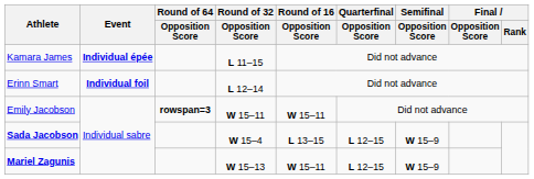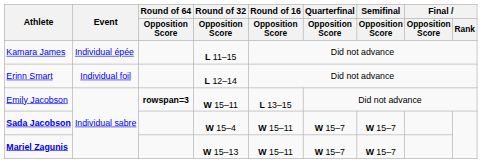 <table class=wikitable style=font-size:90%;text-align:center>
 <tr>
 <th rowspan=2>Athlete</th>
 <th rowspan=2>Event</th>
 <th>Round of 64</th>
 <th>Round of 32</th>
 <th>Round of 16</th>
 <th>Quarterfinal</th>
 <th>Semifinal</th>
 <th colspan=2>Final / </th>
 </tr>
 <tr style=font-size:95%>
 <th>Opposition <br> Score</th>
 <th>Opposition <br> Score</th>
 <th>Opposition <br> Score</th>
 <th>Opposition <br> Score</th>
 <th>Opposition <br> Score</th>
 <th>Opposition <br> Score</th>
 <th>Rank</th>
 </tr>
 <tr>
 <td align=left><a href='#'>Kamara James</a></td>
-<td align=left><strong><a href='#'>Individual épée</a></strong></td>
+<td align=left><a href='#'>Individual épée</a></td>
 <td></td>
 <td><br><strong>L</strong> 11–15</td>
 <td colspan=5>Did not advance</td>
 </tr>
 <tr>
 <td align=left><a href='#'>Erinn Smart</a></td>
-<td><strong><a href='#'>Individual foil</a></strong></td>
+<td><a href='#'>Individual foil</a></td>
 <td></td>
 <td><br><strong>L</strong> 12–14</td>
 <td colspan=5>Did not advance</td>
 </tr>
 <tr>
 <td align=left><a href='#'>Emily Jacobson</a></td>
 <td align=left rowspan=3><a href='#'>Individual sabre</a></td>
 <td><strong>rowspan=3 </strong></td>
 <td><br><strong>W</strong> 15–11</td>
-<td><br><strong>W</strong> 15–11</td>
+<td><br><strong>L</strong> 13–15</td>
 <td colspan=4>Did not advance</td>
 </tr>
 <tr>
 <td align=left><strong><a href='#'>Sada Jacobson</a></strong></td>
 <td></td>
 <td><br><strong>W</strong> 15–4</td>
-<td><br><strong>L</strong> 13–15</td>
-<td><br><strong>L</strong> 12–15</td>
-<td><br><strong>W</strong> 15–9</td>
+<td><br><strong>W</strong> 15–11</td>
+<td><br><strong>W</strong> 15–7</td>
+<td><br><strong>W</strong> 15–7</td>
 <td></td>
 </tr>
 <tr>
 <td align=left><strong><a href='#'>Mariel Zagunis</a></strong></td>
 <td></td>
 <td><br><strong>W</strong> 15–13</td>
 <td><br><strong>W</strong> 15–11</td>
-<td><br><strong>L</strong> 12–15</td>
-<td><br><strong>W</strong> 15–9</td>
+<td><br><strong>W</strong> 15–7</td>
+<td><br><strong>W</strong> 15–7</td>
 <td></td>
 </tr>
 </table>
